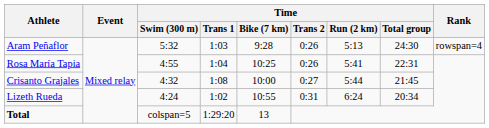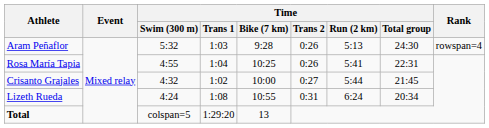 <table class="wikitable" style="font-size:90%;text-align:center;">
 <tr>
 <th rowspan=2>Athlete</th>
 <th rowspan=2>Event</th>
 <th colspan=6>Time</th>
 <th rowspan=2>Rank</th>
 </tr>
 <tr style="font-size:95%">
 <th>Swim (300 m)</th>
 <th>Trans 1</th>
 <th>Bike (7 km)</th>
 <th>Trans 2</th>
 <th>Run (2 km)</th>
 <th>Total group</th>
 </tr>
 <tr>
 <td align=left><a href='#'>Aram Peñaflor</a></td>
 <td align=left rowspan=5><a href='#'>Mixed relay</a></td>
 <td>5:32</td>
 <td>1:03</td>
 <td>9:28</td>
 <td>0:26</td>
 <td>5:13</td>
 <td>24:30</td>
 <td>rowspan=4 </td>
 </tr>
 <tr>
 <td align=left><a href='#'>Rosa María Tapia</a></td>
 <td>4:55</td>
 <td>1:04</td>
 <td>10:25</td>
 <td>0:26</td>
 <td>5:41</td>
 <td>22:31</td>
 </tr>
 <tr>
 <td align=left><a href='#'>Crisanto Grajales</a></td>
 <td>4:32</td>
-<td>1:08</td>
+<td>1:02</td>
 <td>10:00</td>
 <td>0:27</td>
 <td>5:44</td>
 <td>21:45</td>
 </tr>
 <tr>
 <td align=left><a href='#'>Lizeth Rueda</a></td>
 <td>4:24</td>
-<td>1:02</td>
+<td>1:08</td>
 <td>10:55</td>
 <td>0:31</td>
 <td>6:24</td>
 <td>20:34</td>
 </tr>
 <tr align=center>
 <td align=left><strong>Total</strong></td>
 <td>colspan=5 </td>
 <td>1:29:20</td>
 <td>13</td>
 </tr>
 </table>
